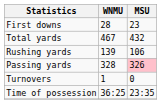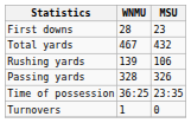 <table class="wikitable">
 <tr>
 <th>Statistics</th>
 <th>WNMU</th>
 <th>MSU</th>
 </tr>
 <tr>
 <td>First downs</td>
 <td>28</td>
 <td>23</td>
 </tr>
 <tr>
 <td>Total yards</td>
 <td>467</td>
 <td>432</td>
 </tr>
 <tr>
 <td>Rushing yards</td>
 <td>139</td>
 <td>106</td>
 </tr>
 <tr>
 <td>Passing yards</td>
 <td>328</td>
-<td style="background: pink;">326</td>
+<td>326</td>
+</tr>
+<tr>
+<td>Time of possession</td>
+<td>36:25</td>
+<td>23:35</td>
 </tr>
 <tr>
 <td>Turnovers</td>
 <td>1</td>
 <td>0</td>
 </tr>
 <tr>
-<td>Time of possession</td>
-<td>36:25</td>
-<td>23:35</td>
-</tr>
-<tr>
 </tr>
 </table>
